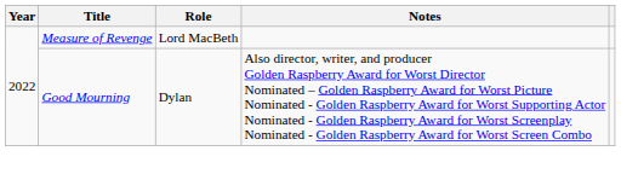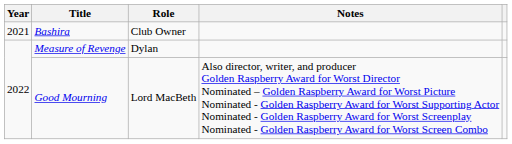 <table class="wikitable">
 <tr>
 <th>Year</th>
 <th>Title</th>
 <th>Role</th>
 <th>Notes</th>
 <th></th>
 </tr>
 <tr>
+<td>2021</td>
+<td><em><a href='#'>Bashira</a></em></td>
+<td>Club Owner</td>
+<td></td>
+<td></td>
+</tr>
+<tr>
 <td rowspan="2">2022</td>
 <td><em><a href='#'>Measure of Revenge</a></em></td>
-<td>Lord MacBeth</td>
+<td>Dylan</td>
 <td></td>
 <td></td>
 </tr>
 <tr>
 <td><em><a href='#'>Good Mourning</a></em></td>
-<td>Dylan</td>
+<td>Lord MacBeth</td>
 <td>Also director, writer, and producer<br><a href='#'>Golden Raspberry Award for Worst Director</a><br>Nominated – <a href='#'>Golden Raspberry Award for Worst Picture</a><br> Nominated - <a href='#'>Golden Raspberry Award for Worst Supporting Actor</a><br> Nominated - <a href='#'>Golden Raspberry Award for Worst Screenplay</a><br> Nominated - <a href='#'>Golden Raspberry Award for Worst Screen Combo</a></td>
 <td></td>
 </tr>
 </table>
